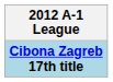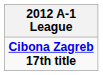 <table class="wikitable" style="margin: 0 auto; width: 20%;">
 <tr>
 <th>2012 A-1 League</th>
 </tr>
 <tr>
-<td align=center style="background: lightblue;"><strong><a href='#'>Cibona Zagreb</a></strong><br><strong>17th title</strong> <br></td>
+<td align=center><strong><a href='#'>Cibona Zagreb</a></strong><br><strong>17th title</strong> <br></td>
 </tr>
 </table>
